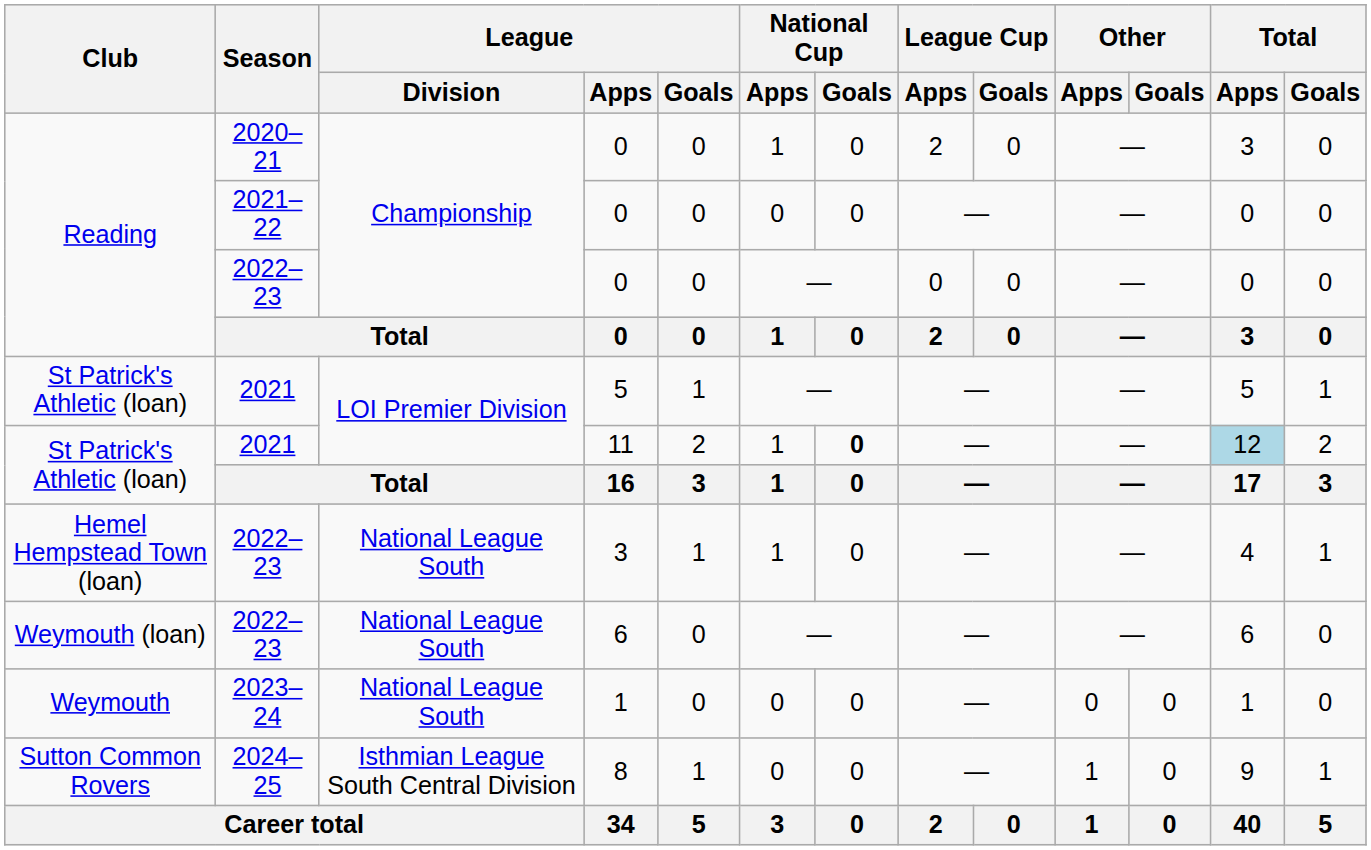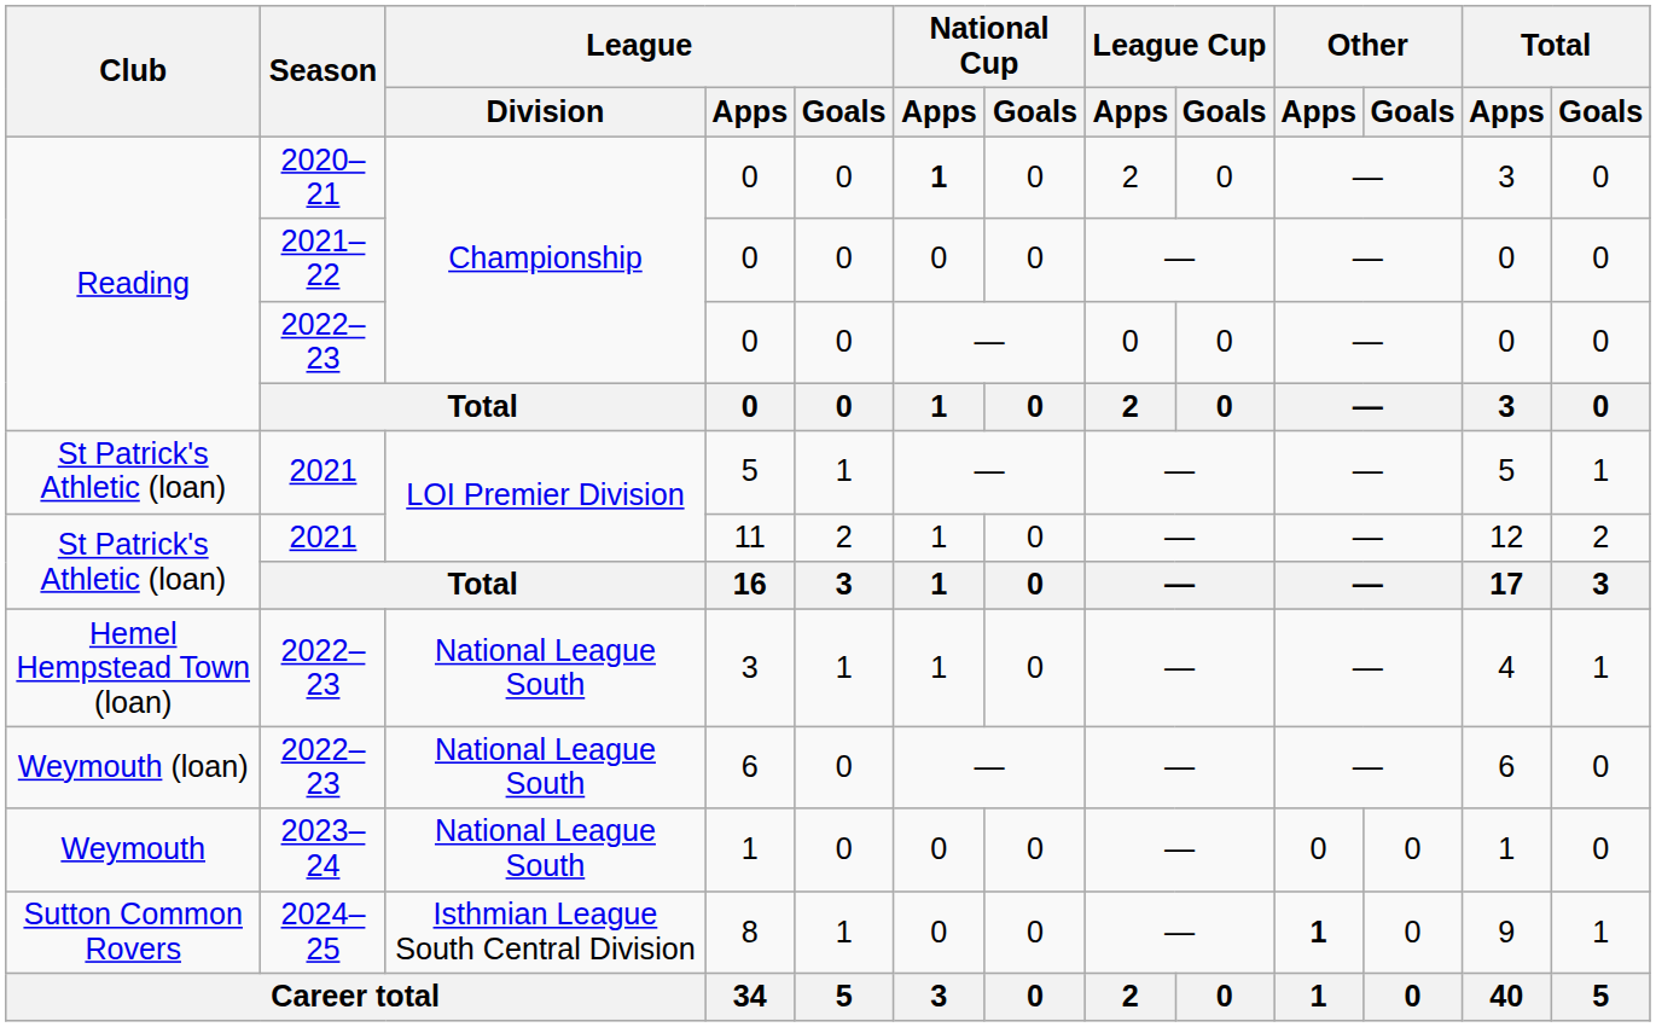 <table class="wikitable" style="text-align: center">
 <tr>
 <th rowspan="2">Club</th>
 <th rowspan="2">Season</th>
 <th colspan="3">League</th>
 <th colspan="2">National Cup</th>
 <th colspan="2">League Cup</th>
 <th colspan="2">Other</th>
 <th colspan="2">Total</th>
 </tr>
 <tr>
 <th>Division</th>
 <th>Apps</th>
 <th>Goals</th>
 <th>Apps</th>
 <th>Goals</th>
 <th>Apps</th>
 <th>Goals</th>
 <th>Apps</th>
 <th>Goals</th>
 <th>Apps</th>
 <th>Goals</th>
 </tr>
 <tr>
 <td rowspan="4"><a href='#'>Reading</a></td>
 <td><a href='#'>2020–21</a></td>
 <td rowspan="3"><a href='#'>Championship</a></td>
 <td>0</td>
 <td>0</td>
-<td>1</td>
+<td><strong>1</strong></td>
 <td>0</td>
 <td>2</td>
 <td>0</td>
 <td colspan="2">—</td>
 <td>3</td>
 <td>0</td>
 </tr>
 <tr>
 <td><a href='#'>2021–22</a></td>
 <td>0</td>
 <td>0</td>
 <td>0</td>
 <td>0</td>
 <td colspan="2">—</td>
 <td colspan="2">—</td>
 <td>0</td>
 <td>0</td>
 </tr>
 <tr>
 <td><a href='#'>2022–23</a></td>
 <td>0</td>
 <td>0</td>
 <td colspan="2">—</td>
 <td>0</td>
 <td>0</td>
 <td colspan="2">—</td>
 <td>0</td>
 <td>0</td>
 </tr>
 <tr>
 <th colspan="2">Total</th>
 <th>0</th>
 <th>0</th>
 <th>1</th>
 <th>0</th>
 <th>2</th>
 <th>0</th>
 <th colspan="2">—</th>
 <th>3</th>
 <th>0</th>
 </tr>
 <tr>
 <td><a href='#'>St Patrick's Athletic</a> (loan)</td>
 <td><a href='#'>2021</a></td>
 <td rowspan="2"><a href='#'>LOI Premier Division</a></td>
 <td>5</td>
 <td>1</td>
 <td colspan="2">—</td>
 <td colspan="2">—</td>
 <td colspan="2">—</td>
 <td>5</td>
 <td>1</td>
 </tr>
 <tr>
 <td rowspan="2"><a href='#'>St Patrick's Athletic</a> (loan)</td>
 <td><a href='#'>2021</a></td>
 <td>11</td>
 <td>2</td>
 <td>1</td>
-<td><strong>0</strong></td>
+<td>0</td>
 <td colspan="2">—</td>
 <td colspan="2">—</td>
-<td style="background: lightblue;">12</td>
+<td>12</td>
 <td>2</td>
 </tr>
 <tr>
 <th colspan="2">Total</th>
 <th>16</th>
 <th>3</th>
 <th>1</th>
 <th>0</th>
 <th colspan="2">—</th>
 <th colspan="2">—</th>
 <th>17</th>
 <th>3</th>
 </tr>
 <tr>
 <td><a href='#'>Hemel Hempstead Town</a> (loan)</td>
 <td><a href='#'>2022–23</a></td>
 <td><a href='#'>National League South</a></td>
 <td>3</td>
 <td>1</td>
 <td>1</td>
 <td>0</td>
 <td colspan="2">—</td>
 <td colspan="2">—</td>
 <td>4</td>
 <td>1</td>
 </tr>
 <tr>
 <td><a href='#'>Weymouth</a> (loan)</td>
 <td><a href='#'>2022–23</a></td>
 <td><a href='#'>National League South</a></td>
 <td>6</td>
 <td>0</td>
 <td colspan="2">—</td>
 <td colspan="2">—</td>
 <td colspan="2">—</td>
 <td>6</td>
 <td>0</td>
 </tr>
 <tr>
 <td><a href='#'>Weymouth</a></td>
 <td><a href='#'>2023–24</a></td>
 <td><a href='#'>National League South</a></td>
 <td>1</td>
 <td>0</td>
 <td>0</td>
 <td>0</td>
 <td colspan="2">—</td>
 <td>0</td>
 <td>0</td>
 <td>1</td>
 <td>0</td>
 </tr>
 <tr>
 <td><a href='#'>Sutton Common Rovers</a></td>
 <td><a href='#'>2024–25</a></td>
 <td><a href='#'>Isthmian League</a> South Central Division</td>
 <td>8</td>
 <td>1</td>
 <td>0</td>
 <td>0</td>
 <td colspan="2">—</td>
-<td>1</td>
+<td><strong>1</strong></td>
 <td>0</td>
 <td>9</td>
 <td>1</td>
 </tr>
 <tr>
 <th colspan="3">Career total</th>
 <th>34</th>
 <th>5</th>
 <th>3</th>
 <th>0</th>
 <th>2</th>
 <th>0</th>
 <th>1</th>
 <th>0</th>
 <th>40</th>
 <th>5</th>
 </tr>
 </table>
